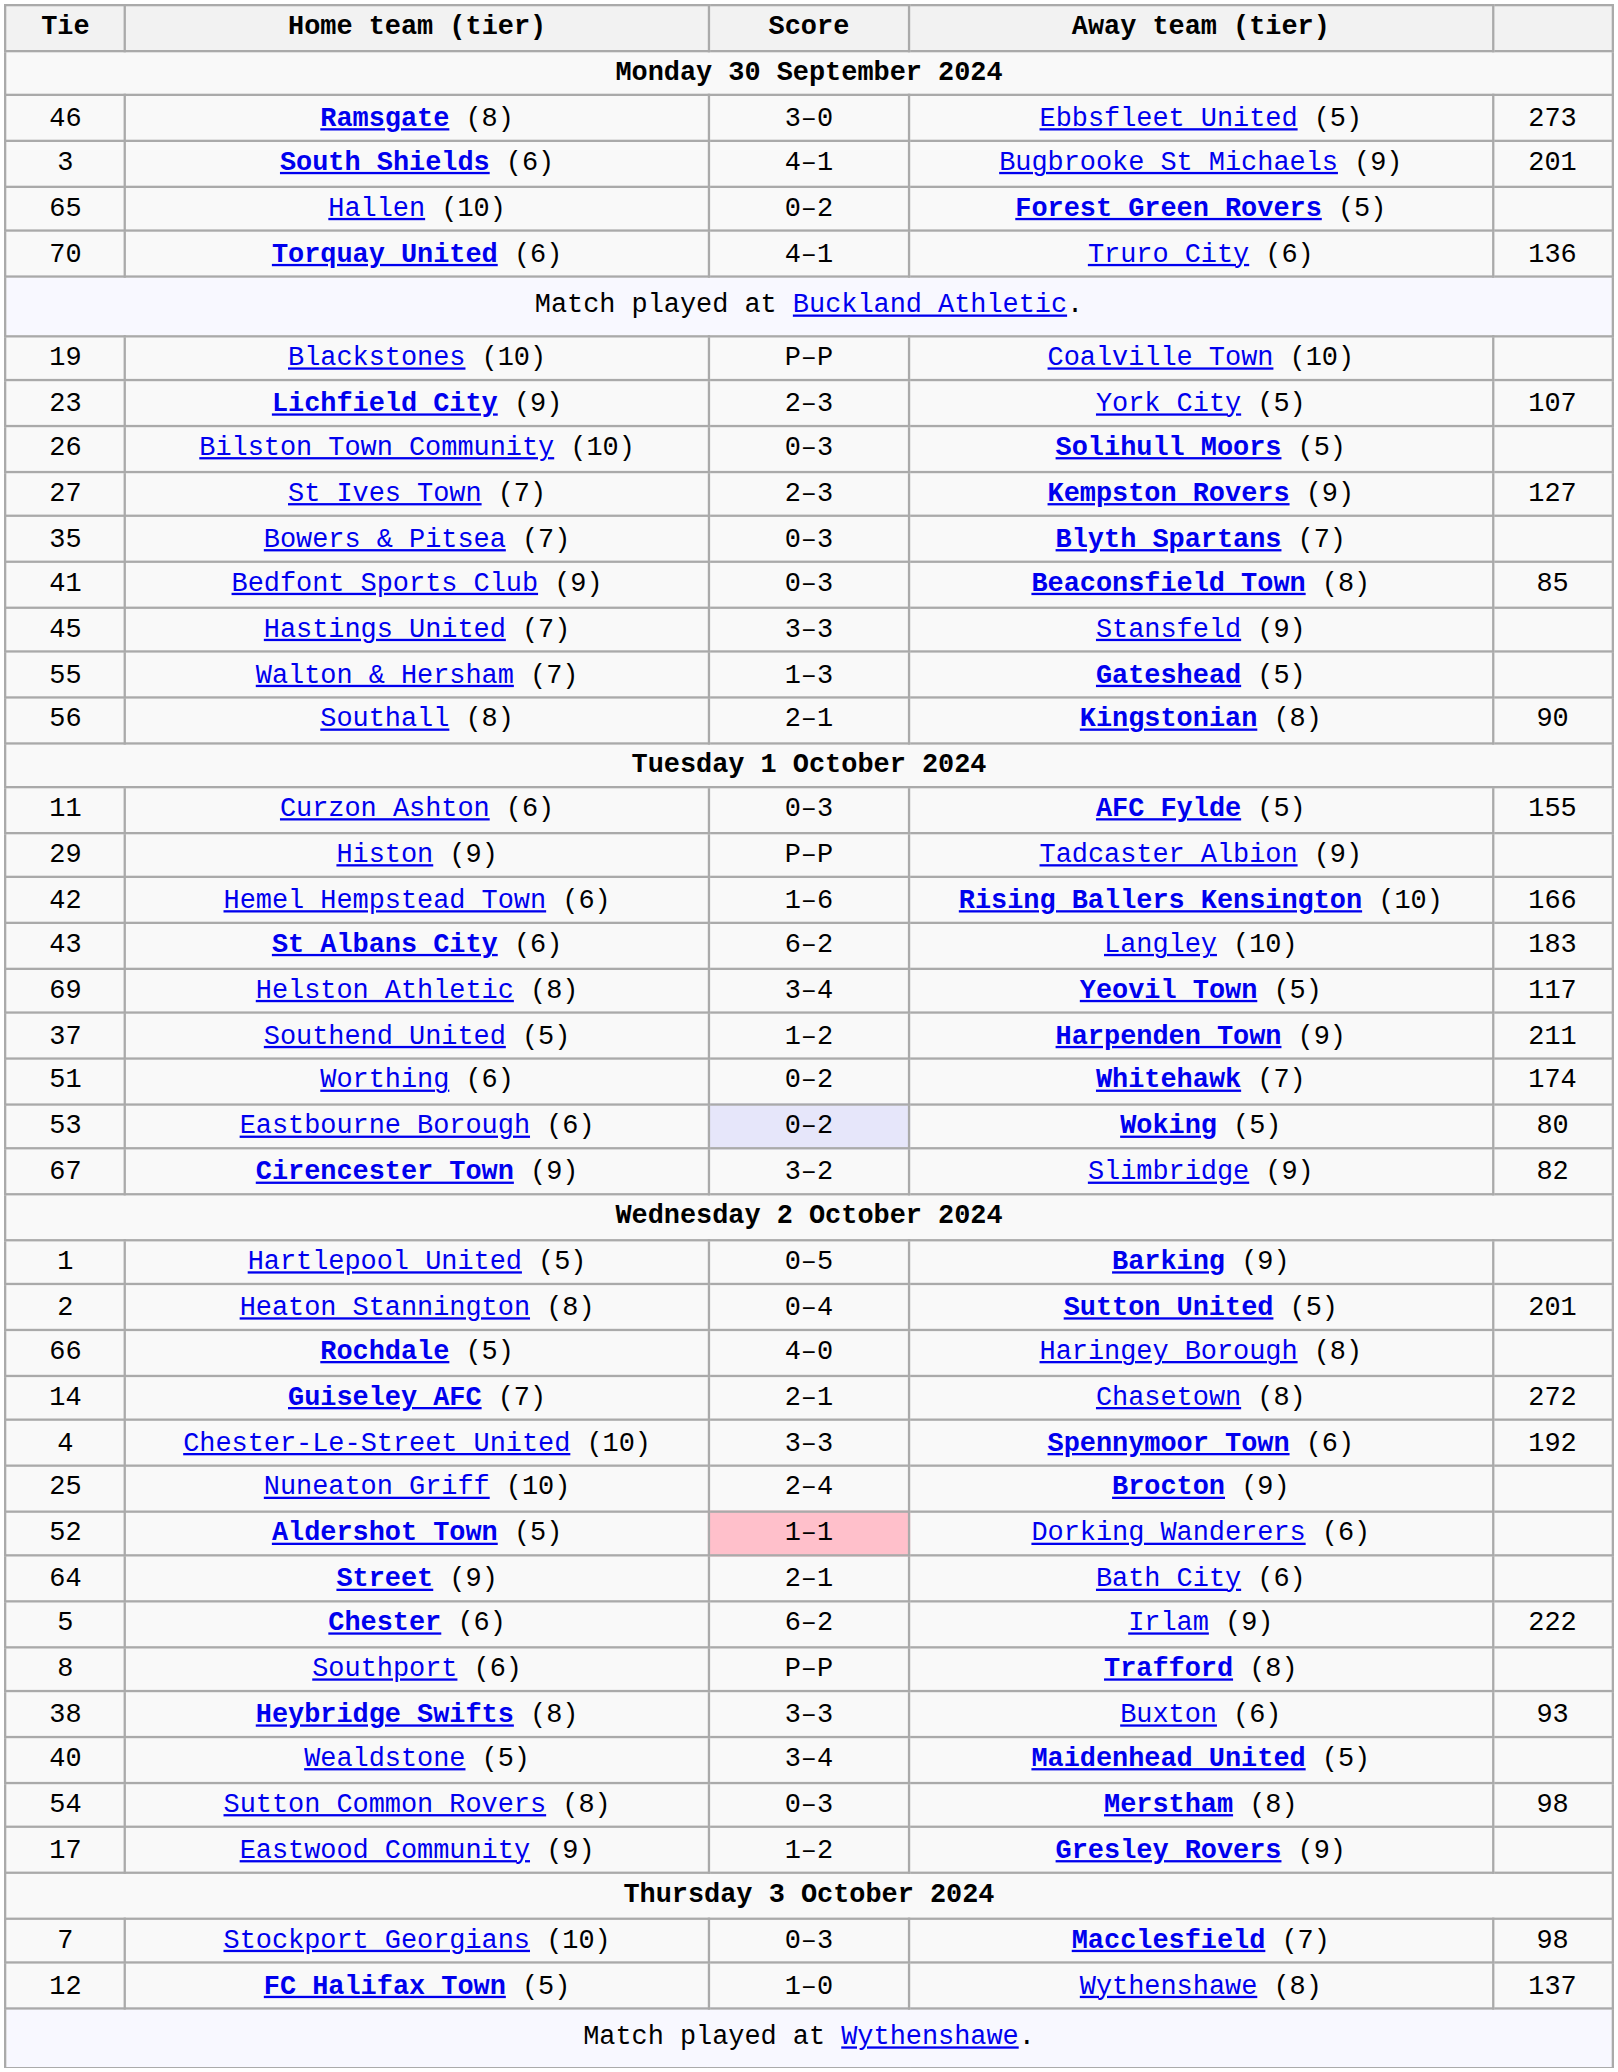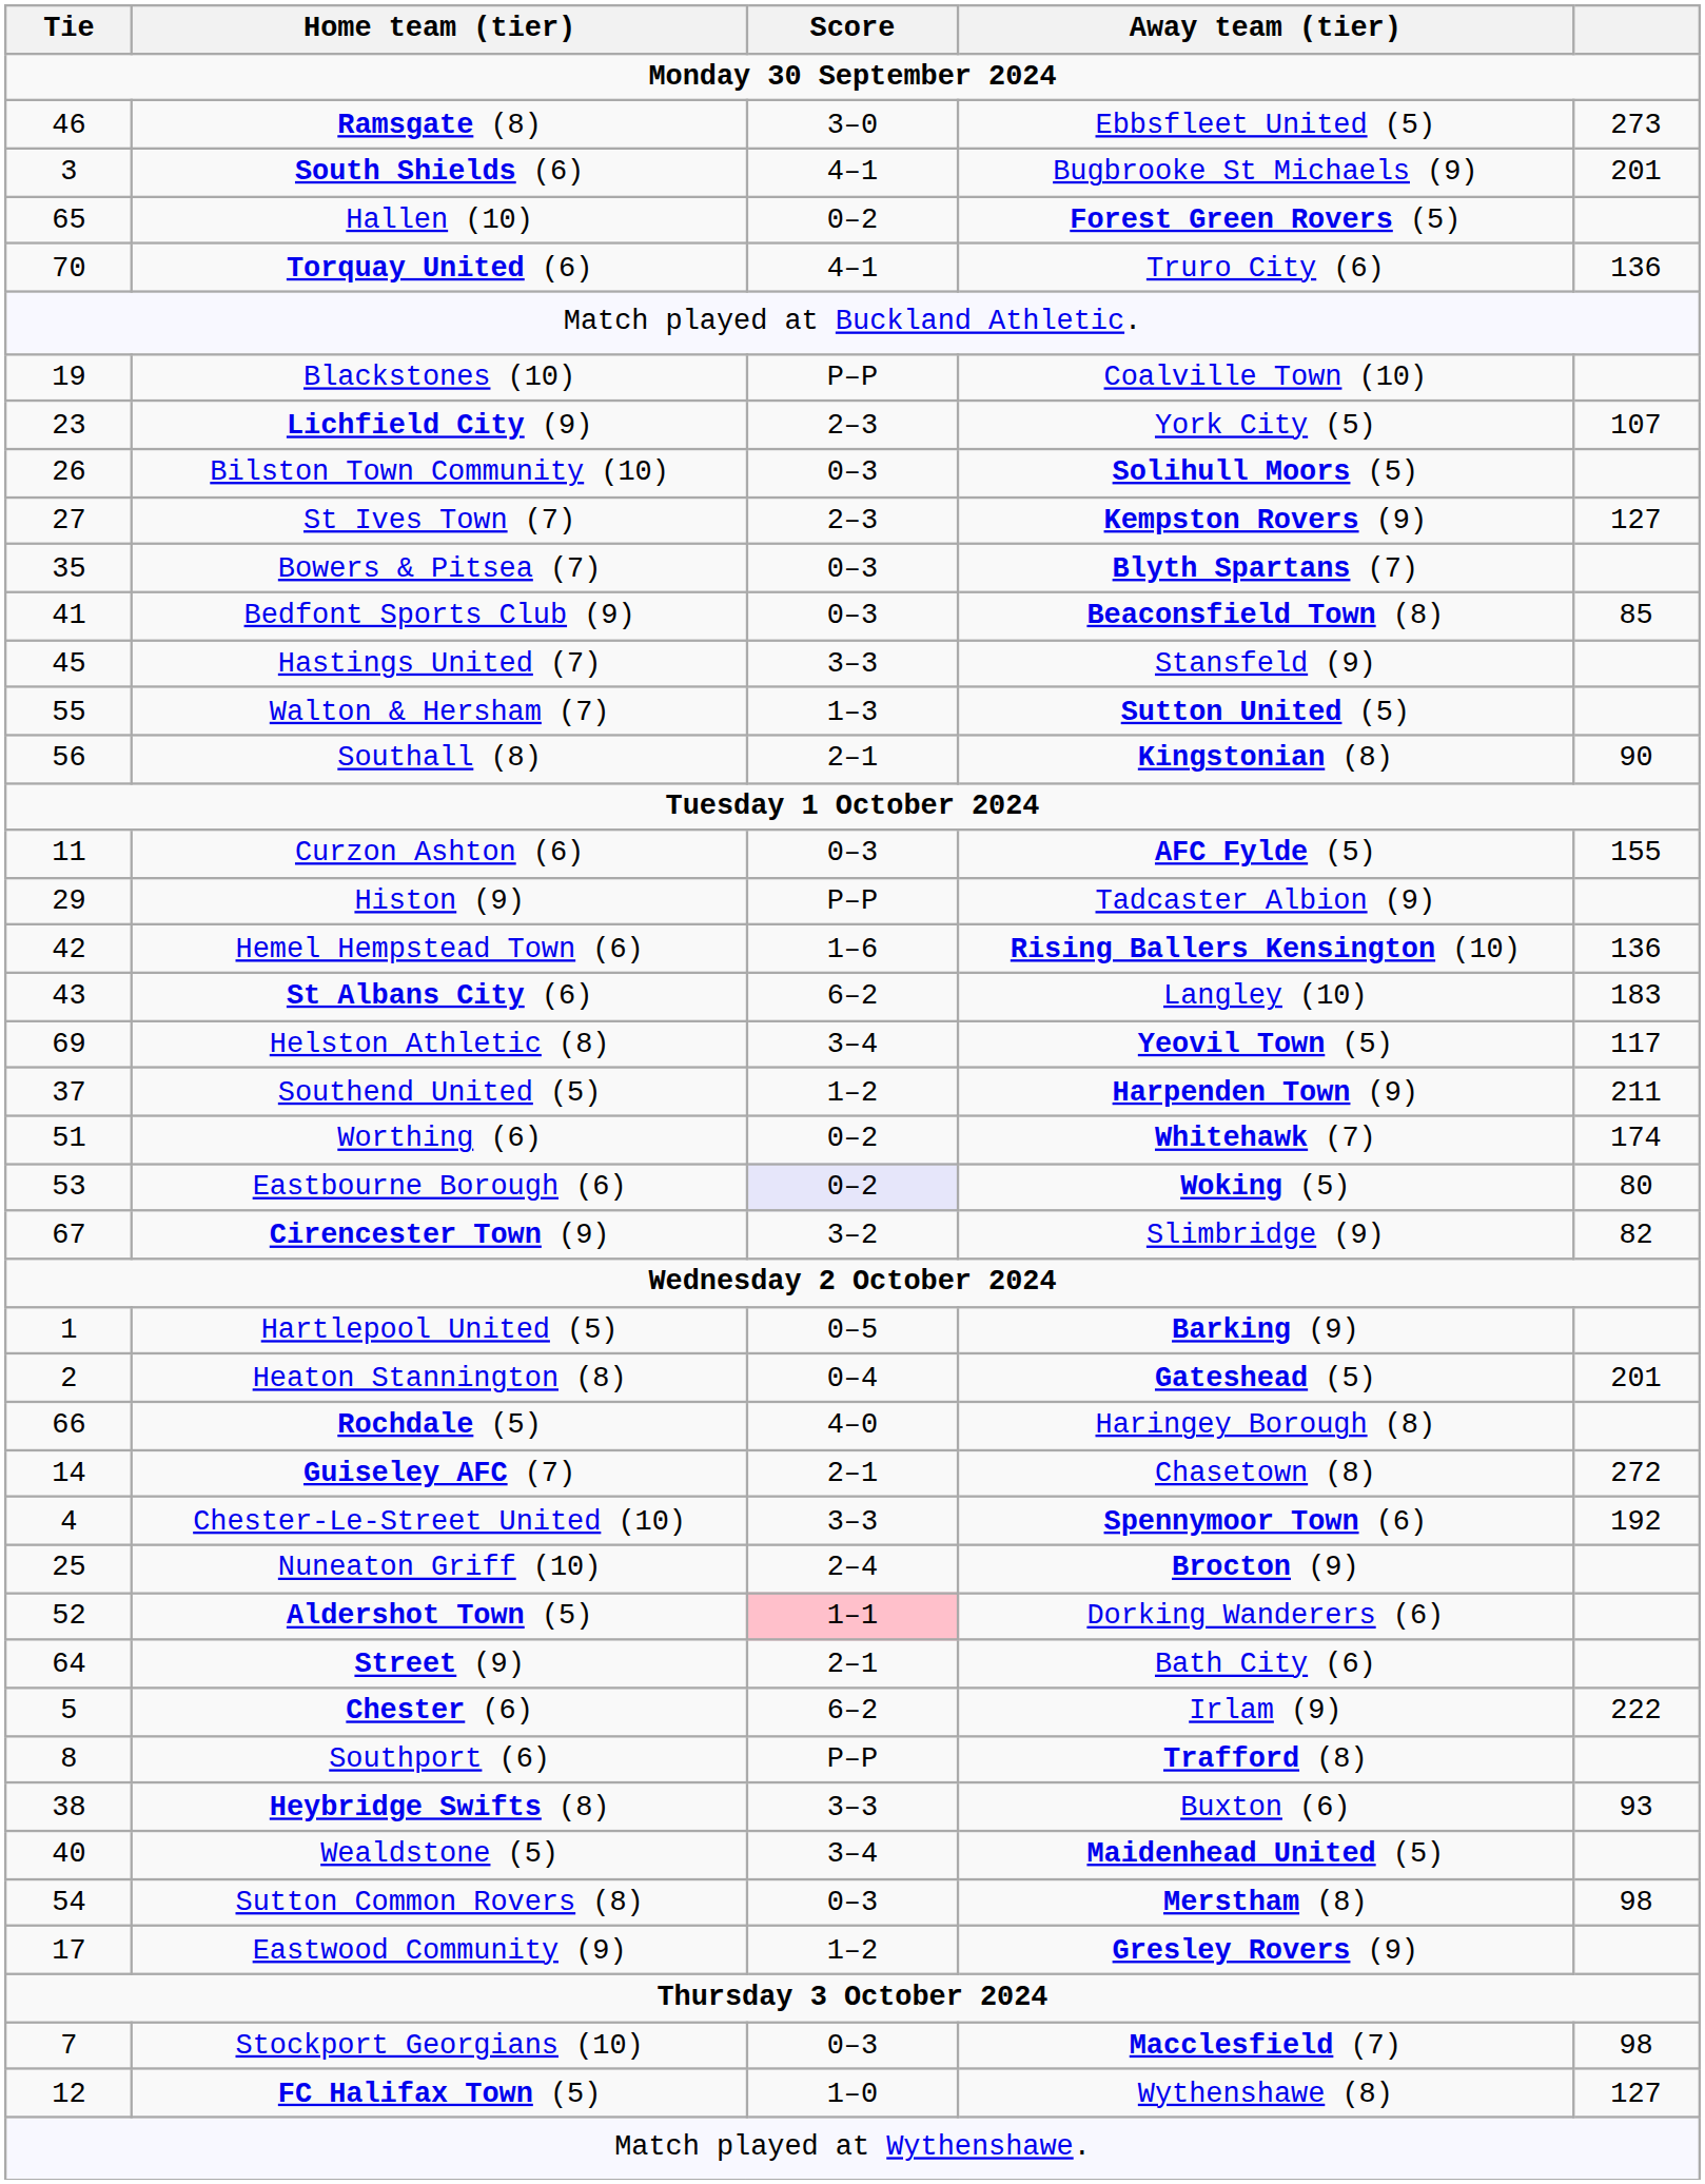 <table class="wikitable" style="width:700px;text-align:center;font-size:90%">
 <tr>
 <th scope="col" style="width: 7.50%">Tie</th>
 <th scope="col" style="width:36.25%">Home team (tier)</th>
 <th scope="col" style="width:12.50%">Score</th>
 <th scope="col" style="width:36.25%">Away team (tier)</th>
 <th scope="col" style="unwidth: 7.50%"></th>
 </tr>
 <tr>
 <td colspan="5"><strong>Monday 30 September 2024</strong></td>
 </tr>
 <tr>
 <td>46</td>
 <td><strong><a href='#'>Ramsgate</a></strong> (8)</td>
 <td>3–0</td>
 <td><a href='#'>Ebbsfleet United</a> (5)</td>
 <td>273</td>
 </tr>
 <tr>
 <td>3</td>
 <td><strong> <a href='#'>South Shields</a></strong> (6)</td>
 <td>4–1</td>
 <td><a href='#'>Bugbrooke St Michaels</a> (9)</td>
 <td>201</td>
 </tr>
 <tr>
 <td>65</td>
 <td><a href='#'>Hallen</a> (10)</td>
 <td>0–2</td>
 <td><strong><a href='#'>Forest Green Rovers</a></strong> (5)</td>
 <td></td>
 </tr>
 <tr>
 <td>70</td>
 <td><strong><a href='#'>Torquay United</a></strong> (6)</td>
 <td>4–1</td>
 <td><a href='#'>Truro City</a> (6)</td>
 <td>136</td>
 </tr>
 <tr>
 <td colspan="5" style="background:GhostWhite;height:20px;text-align:center">Match played at <a href='#'> Buckland Athletic</a>.</td>
 </tr>
 <tr>
 <td>19</td>
 <td><a href='#'>Blackstones</a> (10)</td>
 <td>P–P</td>
 <td><a href='#'>Coalville Town</a> (10)</td>
 <td></td>
 </tr>
 <tr>
 <td>23</td>
 <td><strong><a href='#'>Lichfield City</a></strong> (9)</td>
 <td>2–3</td>
 <td><a href='#'>York City</a> (5)</td>
 <td>107</td>
 </tr>
 <tr>
 <td>26</td>
 <td><a href='#'>Bilston Town Community</a> (10)</td>
 <td>0–3</td>
 <td><strong><a href='#'>Solihull Moors</a></strong> (5)</td>
 <td></td>
 </tr>
 <tr>
 <td>27</td>
 <td><a href='#'>St Ives Town</a> (7)</td>
 <td>2–3</td>
 <td><strong><a href='#'>Kempston Rovers</a></strong> (9)</td>
 <td>127</td>
 </tr>
 <tr>
 <td>35</td>
 <td><a href='#'>Bowers & Pitsea</a> (7)</td>
 <td>0–3</td>
 <td><strong><a href='#'>Blyth Spartans</a></strong> (7)</td>
 <td></td>
 </tr>
 <tr>
 <td>41</td>
 <td><a href='#'>Bedfont Sports Club</a> (9)</td>
 <td>0–3</td>
 <td><strong><a href='#'>Beaconsfield Town</a></strong> (8)</td>
 <td>85</td>
 </tr>
 <tr>
 <td>45</td>
 <td><a href='#'> Hastings United</a> (7)</td>
 <td>3–3 </td>
 <td><a href='#'>Stansfeld</a> (9)</td>
 <td></td>
 </tr>
 <tr>
 <td>55</td>
 <td><a href='#'>Walton & Hersham</a> (7)</td>
 <td>1–3</td>
-<td><strong><a href='#'>Gateshead</a></strong> (5)</td>
+<td><strong><a href='#'>Sutton United</a></strong> (5)</td>
 <td></td>
 </tr>
 <tr>
 <td>56</td>
 <td><a href='#'>Southall</a> (8)</td>
 <td>2–1</td>
 <td><strong><a href='#'>Kingstonian</a></strong> (8)</td>
 <td>90</td>
 </tr>
 <tr>
 <td colspan="5"><strong>Tuesday 1 October 2024</strong></td>
 </tr>
 <tr>
 <td>11</td>
 <td><a href='#'>Curzon Ashton</a> (6)</td>
 <td>0–3</td>
 <td><strong><a href='#'>AFC Fylde</a></strong> (5)</td>
 <td>155</td>
 </tr>
 <tr>
 <td>29</td>
 <td><a href='#'>Histon</a> (9)</td>
 <td>P–P</td>
 <td><a href='#'>Tadcaster Albion</a> (9)</td>
 <td></td>
 </tr>
 <tr>
 <td>42</td>
 <td><a href='#'>Hemel Hempstead Town</a> (6)</td>
 <td>1–6</td>
 <td><strong><a href='#'>Rising Ballers Kensington</a></strong> (10)</td>
-<td>166</td>
+<td>136</td>
 </tr>
 <tr>
 <td>43</td>
 <td><strong><a href='#'>St Albans City</a></strong> (6)</td>
 <td>6–2</td>
 <td><a href='#'>Langley</a> (10)</td>
 <td>183</td>
 </tr>
 <tr>
 <td>69</td>
 <td><a href='#'>Helston Athletic</a> (8)</td>
 <td>3–4</td>
 <td><strong><a href='#'>Yeovil Town</a></strong> (5)</td>
 <td>117</td>
 </tr>
 <tr>
 <td>37</td>
 <td><a href='#'>Southend United</a> (5)</td>
 <td>1–2</td>
 <td><strong><a href='#'>Harpenden Town</a></strong> (9)</td>
 <td>211</td>
 </tr>
 <tr>
 <td>51</td>
 <td><a href='#'>Worthing</a> (6)</td>
 <td>0–2</td>
 <td><strong><a href='#'>Whitehawk</a></strong> (7)</td>
 <td>174</td>
 </tr>
 <tr>
 <td>53</td>
 <td><a href='#'>Eastbourne Borough</a> (6)</td>
 <td style="background: lavender;">0–2</td>
 <td><strong><a href='#'>Woking</a></strong> (5)</td>
 <td>80</td>
 </tr>
 <tr>
 <td>67</td>
 <td><strong><a href='#'>Cirencester Town</a></strong> (9)</td>
 <td>3–2</td>
 <td><a href='#'>Slimbridge</a> (9)</td>
 <td>82</td>
 </tr>
 <tr>
 <td colspan="5"><strong>Wednesday 2 October 2024</strong></td>
 </tr>
 <tr>
 <td>1</td>
 <td><a href='#'>Hartlepool United</a> (5)</td>
 <td>0–5</td>
 <td><strong><a href='#'>Barking</a></strong> (9)</td>
 <td></td>
 </tr>
 <tr>
 <td>2</td>
 <td><a href='#'>Heaton Stannington</a> (8)</td>
 <td>0–4</td>
-<td><strong><a href='#'>Sutton United</a></strong> (5)</td>
+<td><strong><a href='#'>Gateshead</a></strong> (5)</td>
 <td>201</td>
 </tr>
 <tr>
 <td>66</td>
 <td><strong><a href='#'>Rochdale</a></strong> (5)</td>
 <td>4–0</td>
 <td><a href='#'>Haringey Borough</a> (8)</td>
 <td></td>
 </tr>
 <tr>
 <td>14</td>
 <td><strong><a href='#'>Guiseley AFC</a></strong> (7)</td>
 <td>2–1</td>
 <td><a href='#'>Chasetown</a> (8)</td>
 <td>272</td>
 </tr>
 <tr>
 <td>4</td>
 <td><a href='#'> Chester-Le-Street United</a> (10)</td>
 <td>3–3 </td>
 <td><strong><a href='#'>Spennymoor Town</a></strong> (6)</td>
 <td>192</td>
 </tr>
 <tr>
 <td>25</td>
 <td><a href='#'>Nuneaton Griff</a> (10)</td>
 <td>2–4</td>
 <td><strong><a href='#'>Brocton</a></strong> (9)</td>
 <td></td>
 </tr>
 <tr>
 <td>52</td>
 <td><strong><a href='#'>Aldershot Town</a></strong> (5)</td>
 <td style="background: pink;">1–1 </td>
 <td><a href='#'>Dorking Wanderers</a> (6)</td>
 <td></td>
 </tr>
 <tr>
 <td>64</td>
 <td><strong><a href='#'>Street</a></strong> (9)</td>
 <td>2–1</td>
 <td><a href='#'>Bath City</a> (6)</td>
 <td></td>
 </tr>
 <tr>
 <td>5</td>
 <td><strong><a href='#'>Chester</a></strong> (6)</td>
 <td>6–2</td>
 <td><a href='#'>Irlam</a> (9)</td>
 <td>222</td>
 </tr>
 <tr>
 <td>8</td>
 <td><a href='#'>Southport</a> (6)</td>
 <td>P–P</td>
 <td><strong><a href='#'>Trafford</a></strong> (8)</td>
 <td></td>
 </tr>
 <tr>
 <td>38</td>
 <td><strong><a href='#'>Heybridge Swifts</a></strong> (8)</td>
 <td>3–3 </td>
 <td><a href='#'>Buxton</a> (6)</td>
 <td>93</td>
 </tr>
 <tr>
 <td>40</td>
 <td><a href='#'>Wealdstone</a> (5)</td>
 <td>3–4</td>
 <td><strong><a href='#'>Maidenhead United</a></strong> (5)</td>
 <td></td>
 </tr>
 <tr>
 <td>54</td>
 <td><a href='#'>Sutton Common Rovers</a> (8)</td>
 <td>0–3</td>
 <td><strong><a href='#'>Merstham</a></strong> (8)</td>
 <td>98</td>
 </tr>
 <tr>
 <td>17</td>
 <td><a href='#'>Eastwood Community</a> (9)</td>
 <td>1–2</td>
 <td><strong><a href='#'>Gresley Rovers</a></strong> (9)</td>
 <td></td>
 </tr>
 <tr>
 <td colspan="5"><strong>Thursday 3 October 2024</strong></td>
 </tr>
 <tr>
 <td>7</td>
 <td><a href='#'>Stockport Georgians</a> (10)</td>
 <td>0–3</td>
 <td><strong><a href='#'>Macclesfield</a></strong> (7)</td>
 <td>98</td>
 </tr>
 <tr>
 <td>12</td>
 <td><strong><a href='#'>FC Halifax Town</a></strong> (5)</td>
 <td>1–0</td>
 <td><a href='#'>Wythenshawe</a> (8)</td>
-<td>137</td>
+<td>127</td>
 </tr>
 <tr>
 <td colspan="5" style="background:GhostWhite;height:20px;text-align:center">Match played at <a href='#'>Wythenshawe</a>.</td>
 </tr>
 <tr>
 </tr>
 </table>
